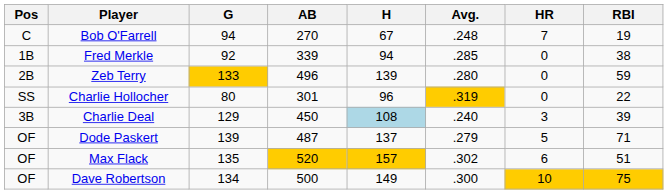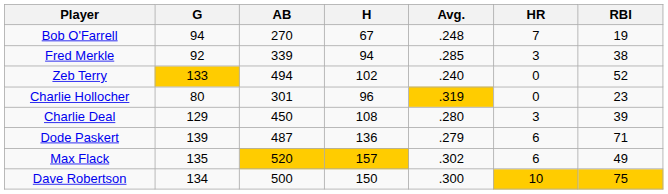 <table class="wikitable sortable">
 <tr>
-<th bgcolor="#DDDDFF" width="5%">Pos</th>
 <th bgcolor="#DDDDFF" width="16%">Player</th>
 <th bgcolor="#DDDDFF" width="9%">G</th>
 <th bgcolor="#DDDDFF" width="9%">AB</th>
 <th bgcolor="#DDDDFF" width="9%">H</th>
 <th bgcolor="#DDDDFF" width="9%">Avg.</th>
 <th bgcolor="#DDDDFF" width="9%">HR</th>
 <th bgcolor="#DDDDFF" width="9%">RBI</th>
 </tr>
 <tr align="center">
-<td>C</td>
 <td><a href='#'>Bob O'Farrell</a></td>
 <td>94</td>
 <td>270</td>
 <td>67</td>
 <td>.248</td>
 <td>7</td>
 <td>19</td>
 </tr>
 <tr align=center>
-<td>1B</td>
 <td><a href='#'>Fred Merkle</a></td>
 <td>92</td>
 <td>339</td>
 <td>94</td>
 <td>.285</td>
-<td>0</td>
+<td>3</td>
 <td>38</td>
 </tr>
 <tr align=center>
-<td>2B</td>
 <td><a href='#'>Zeb Terry</a></td>
 <td style="background:#fc0;">133</td>
-<td>496</td>
-<td>139</td>
-<td>.280</td>
+<td>494</td>
+<td>102</td>
+<td>.240</td>
 <td>0</td>
-<td>59</td>
+<td>52</td>
 </tr>
 <tr align=center>
-<td>SS</td>
 <td><a href='#'>Charlie Hollocher</a></td>
 <td>80</td>
 <td>301</td>
 <td>96</td>
 <td style="background:#fc0;">.319</td>
 <td>0</td>
-<td>22</td>
+<td>23</td>
 </tr>
 <tr align=center>
-<td>3B</td>
 <td><a href='#'>Charlie Deal</a></td>
 <td>129</td>
 <td>450</td>
-<td style="background: lightblue;">108</td>
-<td>.240</td>
+<td>108</td>
+<td>.280</td>
 <td>3</td>
 <td>39</td>
 </tr>
 <tr align=center>
-<td>OF</td>
 <td><a href='#'>Dode Paskert</a></td>
 <td>139</td>
 <td>487</td>
-<td>137</td>
+<td>136</td>
 <td>.279</td>
-<td>5</td>
+<td>6</td>
 <td>71</td>
 </tr>
 <tr align=center>
-<td>OF</td>
 <td><a href='#'>Max Flack</a></td>
 <td>135</td>
 <td style="background:#fc0;">520</td>
 <td style="background:#fc0;">157</td>
 <td>.302</td>
 <td>6</td>
-<td>51</td>
+<td>49</td>
 </tr>
 <tr align=center>
-<td>OF</td>
 <td><a href='#'>Dave Robertson</a></td>
 <td>134</td>
 <td>500</td>
-<td>149</td>
+<td>150</td>
 <td>.300</td>
 <td style="background:#fc0;">10</td>
 <td style="background:#fc0;">75</td>
 </tr>
 </table>
